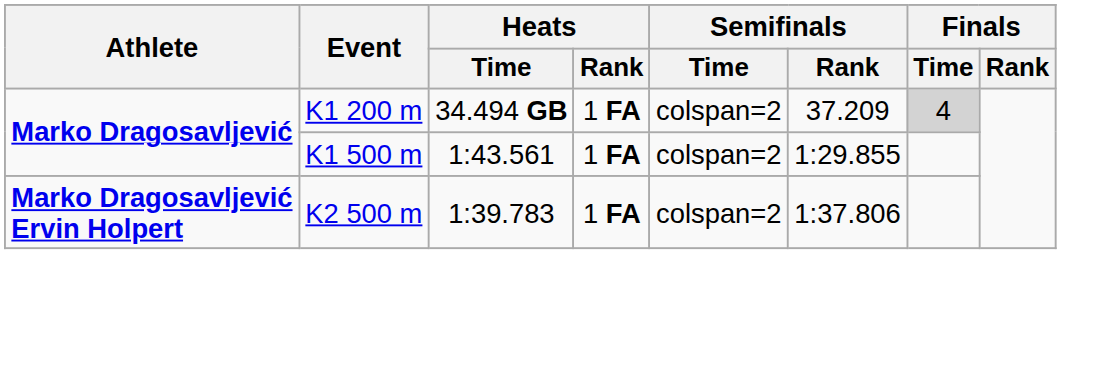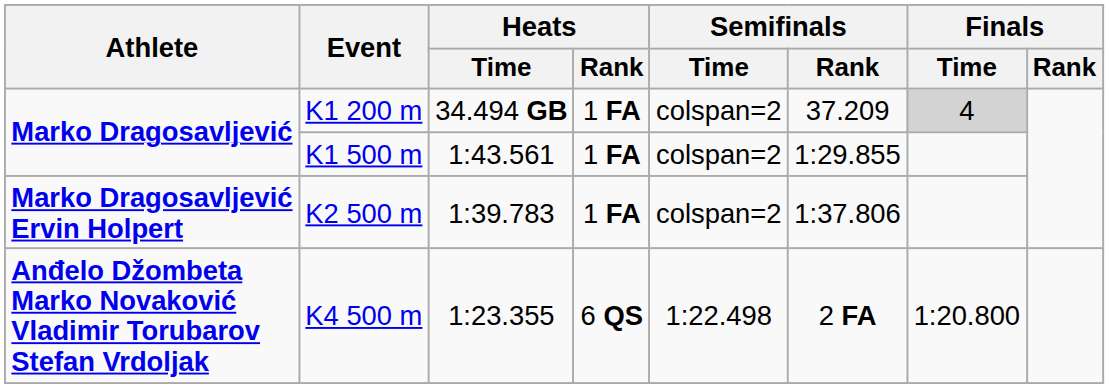 <table class="wikitable" style="font-size:90%">
 <tr>
 <th rowspan="2">Athlete</th>
 <th rowspan="2">Event</th>
 <th colspan=2>Heats</th>
 <th colspan=2>Semifinals</th>
 <th colspan=2>Finals</th>
 </tr>
 <tr style="font-size:95%">
 <th>Time</th>
 <th>Rank</th>
 <th>Time</th>
 <th>Rank</th>
 <th>Time</th>
 <th>Rank</th>
 </tr>
 <tr align=center>
 <td align=left rowspan=2><strong><a href='#'>Marko Dragosavljević</a></strong></td>
 <td align=left><a href='#'>K1 200 m</a></td>
 <td>34.494 <strong>GB</strong></td>
 <td>1 <strong>FA</strong></td>
 <td>colspan=2 </td>
 <td>37.209</td>
 <td style="background: lightgrey;">4</td>
 </tr>
 <tr align=center>
 <td align=left><a href='#'>K1 500 m</a></td>
 <td>1:43.561</td>
 <td>1 <strong>FA</strong></td>
 <td>colspan=2 </td>
 <td>1:29.855</td>
 <td></td>
 </tr>
 <tr align=center>
 <td align=left><strong><a href='#'>Marko Dragosavljević</a><br><a href='#'>Ervin Holpert</a></strong></td>
 <td align=left><a href='#'>K2 500 m</a></td>
 <td>1:39.783</td>
 <td>1 <strong>FA</strong></td>
 <td>colspan=2 </td>
 <td>1:37.806</td>
 <td></td>
 </tr>
+<tr align=center>
+<td align=left><strong><a href='#'>Anđelo Džombeta</a><br><a href='#'>Marko Novaković</a><br><a href='#'>Vladimir Torubarov</a><br><a href='#'>Stefan Vrdoljak</a></strong></td>
+<td align=left><a href='#'>K4 500 m</a></td>
+<td>1:23.355</td>
+<td>6 <strong>QS</strong></td>
+<td>1:22.498</td>
+<td>2 <strong>FA</strong></td>
+<td>1:20.800</td>
+<td></td>
+</tr>
 </table>
